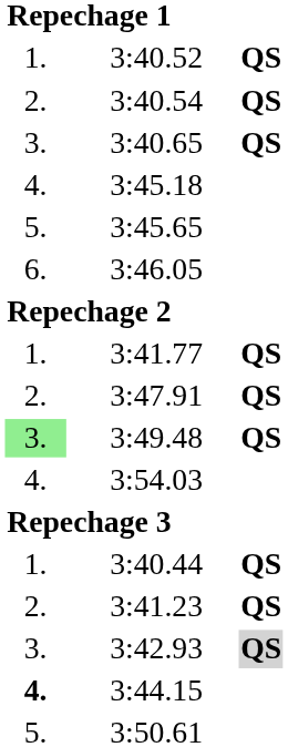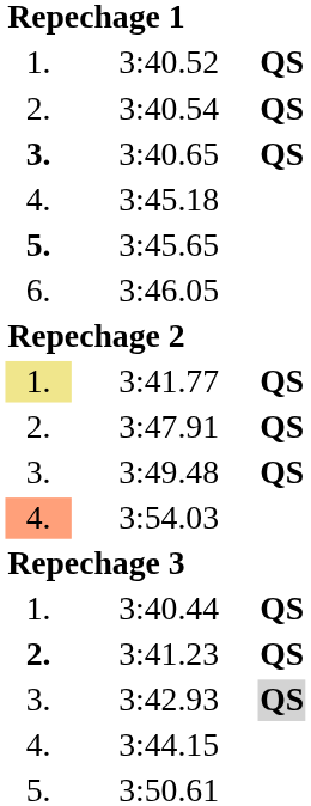 <table style="text-align:center">
 <tr>
 <td colspan=4 align=left><strong>Repechage 1</strong></td>
 </tr>
 <tr>
 <td width=30>1.</td>
 <td align=left></td>
 <td width=80>3:40.52</td>
 <td><strong>QS</strong></td>
 </tr>
 <tr>
 <td>2.</td>
 <td align=left></td>
 <td>3:40.54</td>
 <td><strong>QS</strong></td>
 </tr>
 <tr>
-<td>3.</td>
+<td><strong>3.</strong></td>
 <td align=left></td>
 <td>3:40.65</td>
 <td><strong>QS</strong></td>
 </tr>
 <tr>
 <td>4.</td>
 <td align=left></td>
 <td>3:45.18</td>
 <td></td>
 </tr>
 <tr>
-<td>5.</td>
+<td><strong>5.</strong></td>
 <td align=left></td>
 <td>3:45.65</td>
 <td></td>
 </tr>
 <tr>
 <td>6.</td>
 <td align=left></td>
 <td>3:46.05</td>
 <td></td>
 </tr>
 <tr>
 <td colspan=4 align=left><strong>Repechage 2</strong></td>
 </tr>
 <tr>
-<td>1.</td>
+<td style="background: khaki;">1.</td>
 <td align=left></td>
 <td>3:41.77</td>
 <td><strong>QS</strong></td>
 </tr>
 <tr>
 <td>2.</td>
 <td align=left></td>
 <td>3:47.91</td>
 <td><strong>QS</strong></td>
 </tr>
 <tr>
-<td style="background: lightgreen;">3.</td>
+<td>3.</td>
 <td align=left></td>
 <td>3:49.48</td>
 <td><strong>QS</strong></td>
 </tr>
 <tr>
-<td>4.</td>
+<td style="background: lightsalmon;">4.</td>
 <td align=left></td>
 <td>3:54.03</td>
 <td></td>
 </tr>
 <tr>
 <td colspan=4 align=left><strong>Repechage 3</strong></td>
 </tr>
 <tr>
 <td>1.</td>
 <td align=left></td>
 <td>3:40.44</td>
 <td><strong>QS</strong></td>
 </tr>
 <tr>
-<td>2.</td>
+<td><strong>2.</strong></td>
 <td align=left></td>
 <td>3:41.23</td>
 <td><strong>QS</strong></td>
 </tr>
 <tr>
 <td>3.</td>
 <td align=left></td>
 <td>3:42.93</td>
 <td style="background: lightgrey;"><strong>QS</strong></td>
 </tr>
 <tr>
-<td><strong>4.</strong></td>
+<td>4.</td>
 <td align=left></td>
 <td>3:44.15</td>
 <td></td>
 </tr>
 <tr>
 <td>5.</td>
 <td align=left></td>
 <td>3:50.61</td>
 <td></td>
 </tr>
 </table>
